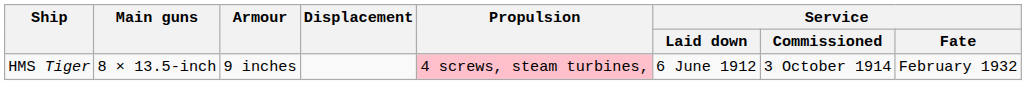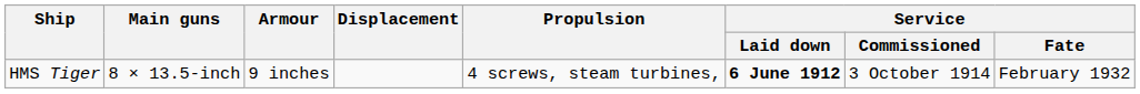 <table class="wikitable">
 <tr valign="top">
 <th align= center rowspan=2>Ship</th>
 <th align= center rowspan=2>Main guns</th>
 <th align= center rowspan=2>Armour</th>
 <th align= center rowspan=2>Displacement</th>
 <th align= center rowspan=2>Propulsion</th>
 <th align= center colspan=3>Service</th>
 </tr>
 <tr valign="top">
 <th align= center>Laid down</th>
 <th align= center>Commissioned</th>
 <th align= center>Fate</th>
 </tr>
 <tr valign="center">
 <td align= left>HMS <em>Tiger</em></td>
 <td align= center>8 × 13.5-inch</td>
 <td align= center>9 inches</td>
 <td align= center></td>
-<td align= center style="background: pink;">4 screws, steam turbines,<br></td>
-<td align= center>6 June 1912</td>
+<td align= center>4 screws, steam turbines,<br></td>
+<td align= center><strong>6 June 1912</strong></td>
 <td align= center>3 October 1914</td>
 <td align= left> February 1932</td>
 </tr>
 </table>
